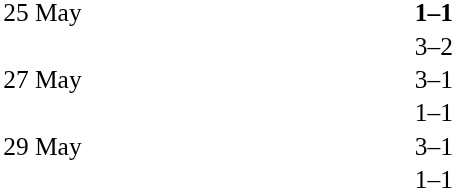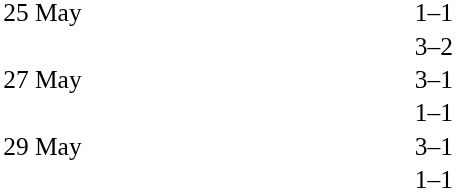 <table cellspacing=1 width=70%>
 <tr>
 <th width=25%></th>
 <th width=30%></th>
 <th width=15%></th>
 <th width=30%></th>
 </tr>
 <tr>
 <td>25 May</td>
 <td align=right></td>
-<td align=center><strong>1–1</strong></td>
+<td align=center>1–1</td>
 <td></td>
 </tr>
 <tr>
 <td></td>
 <td align=right></td>
 <td align=center>3–2</td>
 <td></td>
 </tr>
 <tr>
 <td>27 May</td>
 <td align=right></td>
 <td align=center>3–1</td>
 <td></td>
 </tr>
 <tr>
 <td></td>
 <td align=right></td>
 <td align=center>1–1</td>
 <td></td>
 </tr>
 <tr>
 <td>29 May</td>
 <td align=right></td>
 <td align=center>3–1</td>
 <td></td>
 </tr>
 <tr>
 <td></td>
 <td align=right></td>
 <td align=center>1–1</td>
 <td></td>
 </tr>
 </table>
